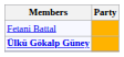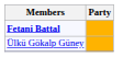 <table class=wikitable style="border:1px solid #8888aa; background-color:#f7f8ff; padding:0px; font-size:90%;">
 <tr>
 <th>Members</th>
 <th colspan="2">Party</th>
 </tr>
 <tr>
-<td><a href='#'>Fetani Battal</a></td>
+<td><strong><a href='#'>Fetani Battal</a></strong></td>
 <td style="background: #ffb300"></td>
 </tr>
 <tr>
-<td><strong><a href='#'>Ülkü Gökalp Güney</a></strong></td>
+<td><a href='#'>Ülkü Gökalp Güney</a></td>
 <td style="background: #ffb300"></td>
 </tr>
 <tr>
 </tr>
 </table>
